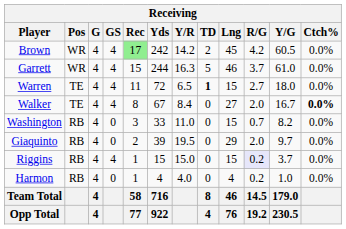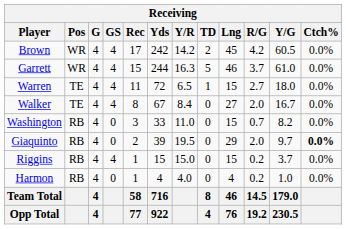 <table class="wikitable" style="text-align:center">
 <tr>
 <th colspan="12">Receiving</th>
 </tr>
 <tr>
 <th>Player</th>
 <th>Pos</th>
 <th>G</th>
 <th>GS</th>
 <th>Rec</th>
 <th>Yds</th>
 <th>Y/R</th>
 <th>TD</th>
 <th>Lng</th>
 <th>R/G</th>
 <th>Y/G</th>
 <th>Ctch%</th>
 </tr>
 <tr>
 <td><a href='#'>Brown</a></td>
 <td>WR</td>
 <td>4</td>
 <td>4</td>
-<td style="background: lightgreen;">17</td>
+<td>17</td>
 <td>242</td>
 <td>14.2</td>
 <td>2</td>
 <td>45</td>
 <td>4.2</td>
 <td>60.5</td>
 <td>0.0%</td>
 </tr>
 <tr>
 <td><a href='#'>Garrett</a></td>
 <td>WR</td>
 <td>4</td>
 <td>4</td>
 <td>15</td>
 <td>244</td>
 <td>16.3</td>
 <td>5</td>
 <td>46</td>
 <td>3.7</td>
 <td>61.0</td>
 <td>0.0%</td>
 </tr>
 <tr>
 <td><a href='#'>Warren</a></td>
 <td>TE</td>
 <td>4</td>
 <td>4</td>
 <td>11</td>
 <td>72</td>
 <td>6.5</td>
-<td><strong>1</strong></td>
+<td>1</td>
 <td>15</td>
 <td>2.7</td>
 <td>18.0</td>
 <td>0.0%</td>
 </tr>
 <tr>
 <td><a href='#'>Walker</a></td>
 <td>TE</td>
 <td>4</td>
 <td>4</td>
 <td>8</td>
 <td>67</td>
 <td>8.4</td>
 <td>0</td>
 <td>27</td>
 <td>2.0</td>
 <td>16.7</td>
-<td><strong>0.0%</strong></td>
+<td>0.0%</td>
 </tr>
 <tr>
 <td><a href='#'>Washington</a></td>
 <td>RB</td>
 <td>4</td>
 <td>0</td>
 <td>3</td>
 <td>33</td>
 <td>11.0</td>
 <td>0</td>
 <td>15</td>
 <td>0.7</td>
 <td>8.2</td>
 <td>0.0%</td>
 </tr>
 <tr>
 <td><a href='#'>Giaquinto</a></td>
 <td>RB</td>
 <td>4</td>
 <td>0</td>
 <td>2</td>
 <td>39</td>
 <td>19.5</td>
 <td>0</td>
 <td>29</td>
 <td>2.0</td>
 <td>9.7</td>
-<td>0.0%</td>
+<td><strong>0.0%</strong></td>
 </tr>
 <tr>
 <td><a href='#'>Riggins</a></td>
 <td>RB</td>
 <td>4</td>
 <td>4</td>
 <td>1</td>
 <td>15</td>
 <td>15.0</td>
 <td>0</td>
 <td>15</td>
-<td style="background: lavender;">0.2</td>
+<td>0.2</td>
 <td>3.7</td>
 <td>0.0%</td>
 </tr>
 <tr>
 <td><a href='#'>Harmon</a></td>
 <td>RB</td>
 <td>4</td>
 <td>0</td>
 <td>1</td>
 <td>4</td>
 <td>4.0</td>
 <td>0</td>
 <td>4</td>
 <td>0.2</td>
 <td>1.0</td>
 <td>0.0%</td>
 </tr>
 <tr>
 <th>Team Total</th>
 <th></th>
 <th>4</th>
 <th></th>
 <th>58</th>
 <th>716</th>
 <th></th>
 <th>8</th>
 <th>46</th>
 <th>14.5</th>
 <th>179.0</th>
 <th></th>
 </tr>
 <tr>
 <th>Opp Total</th>
 <th></th>
 <th>4</th>
 <th></th>
 <th>77</th>
 <th>922</th>
 <th></th>
 <th>4</th>
 <th>76</th>
 <th>19.2</th>
 <th>230.5</th>
 <th></th>
 </tr>
 </table>
